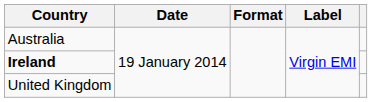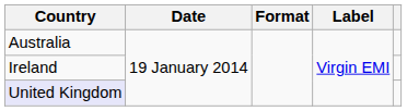 <table class="wikitable">
 <tr>
 <th scope="col">Country</th>
 <th scope="col">Date</th>
 <th scope="col">Format</th>
 <th scope="col">Label</th>
 <th scope="col"></th>
 </tr>
 <tr>
 <td>Australia</td>
 <td rowspan="3">19 January 2014</td>
 <td rowspan="3"></td>
 <td rowspan="3"><a href='#'>Virgin EMI</a></td>
 <td></td>
 </tr>
 <tr>
-<td><strong>Ireland</strong></td>
+<td>Ireland</td>
 <td></td>
 </tr>
 <tr>
-<td>United Kingdom</td>
+<td style="background: lavender;">United Kingdom</td>
 <td></td>
 </tr>
 </table>
